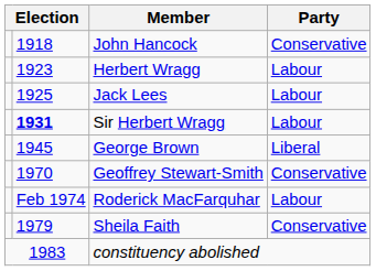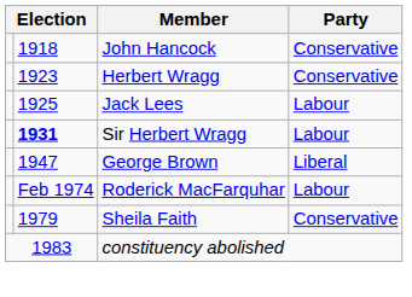 <table class="wikitable">
 <tr>
 <th colspan="2">Election</th>
 <th>Member</th>
 <th>Party</th>
 </tr>
 <tr>
 <td style="color:inherit;background-color: "></td>
 <td><a href='#'>1918</a></td>
 <td><a href='#'>John Hancock</a></td>
 <td><a href='#'>Conservative</a></td>
 </tr>
 <tr>
 <td style="color:inherit;background-color: "></td>
 <td><a href='#'>1923</a></td>
 <td><a href='#'>Herbert Wragg</a></td>
-<td><a href='#'>Labour</a></td>
+<td><a href='#'>Conservative</a></td>
 </tr>
 <tr>
 <td style="color:inherit;background-color: "></td>
 <td><a href='#'>1925</a></td>
 <td><a href='#'>Jack Lees</a></td>
 <td><a href='#'>Labour</a></td>
 </tr>
 <tr>
 <td style="color:inherit;background-color: "></td>
 <td><strong><a href='#'>1931</a></strong></td>
 <td>Sir <a href='#'>Herbert Wragg</a></td>
 <td><a href='#'>Labour</a></td>
 </tr>
 <tr>
 <td style="color:inherit;background-color: "></td>
-<td><a href='#'>1945</a></td>
+<td><a href='#'>1947</a></td>
 <td><a href='#'>George Brown</a></td>
 <td><a href='#'>Liberal</a></td>
-</tr>
-<tr>
-<td style="color:inherit;background-color: "></td>
-<td><a href='#'>1970</a></td>
-<td><a href='#'>Geoffrey Stewart-Smith</a></td>
-<td><a href='#'>Conservative</a></td>
 </tr>
 <tr>
 <td style="color:inherit;background-color: "></td>
 <td><a href='#'>Feb 1974</a></td>
 <td><a href='#'>Roderick MacFarquhar</a></td>
 <td><a href='#'>Labour</a></td>
 </tr>
 <tr>
 <td style="color:inherit;background-color: "></td>
 <td><a href='#'>1979</a></td>
 <td><a href='#'>Sheila Faith</a></td>
 <td><a href='#'>Conservative</a></td>
 </tr>
 <tr>
 <td colspan="2" align="center"><a href='#'>1983</a></td>
 <td colspan="2"><em>constituency abolished</em></td>
 </tr>
 </table>
